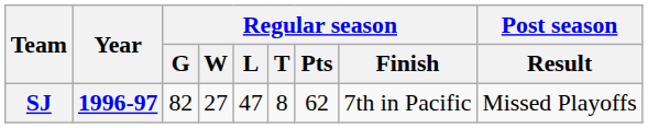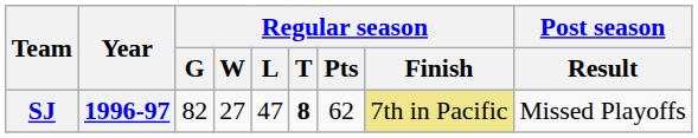 <table class="wikitable" style="font-size: 95%; text-align:center;">
 <tr>
 <th rowspan="2">Team</th>
 <th rowspan="2">Year</th>
 <th colspan="6"><a href='#'>Regular season</a></th>
 <th colspan="1"><a href='#'>Post season</a></th>
 </tr>
 <tr>
 <th>G</th>
 <th>W</th>
 <th>L</th>
 <th>T</th>
 <th>Pts</th>
 <th>Finish</th>
 <th>Result</th>
 </tr>
 <tr>
 <th><a href='#'>SJ</a></th>
 <th><a href='#'>1996-97</a></th>
 <td>82</td>
 <td>27</td>
 <td>47</td>
-<td>8</td>
+<td><strong>8</strong></td>
 <td>62</td>
-<td>7th in Pacific</td>
+<td style="background: khaki;">7th in Pacific</td>
 <td>Missed Playoffs</td>
 </tr>
 </table>
